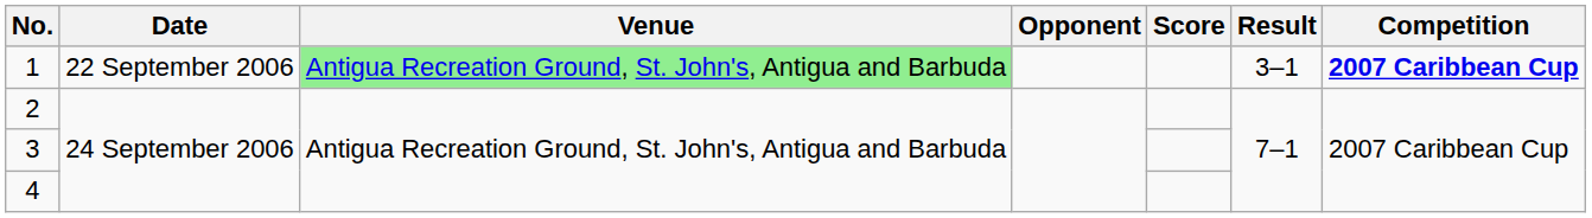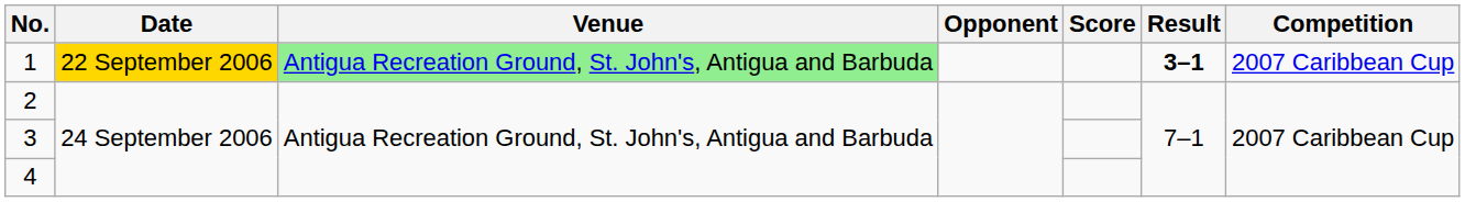 <table class="wikitable sortable">
 <tr>
 <th scope="col">No.</th>
 <th scope="col">Date</th>
 <th scope="col">Venue</th>
 <th scope="col">Opponent</th>
 <th scope="col">Score</th>
 <th scope="col">Result</th>
 <th scope="col">Competition</th>
 </tr>
 <tr>
 <td align="center">1</td>
-<td>22 September 2006</td>
+<td style="background: gold;">22 September 2006</td>
 <td style="background: lightgreen;"><a href='#'>Antigua Recreation Ground</a>, <a href='#'>St. John's</a>, Antigua and Barbuda</td>
 <td></td>
 <td></td>
-<td align="center">3–1</td>
-<td><strong><a href='#'>2007 Caribbean Cup</a></strong></td>
+<td align="center"><strong>3–1</strong></td>
+<td><a href='#'>2007 Caribbean Cup</a></td>
 </tr>
 <tr>
 <td align="center">2</td>
 <td rowspan="3">24 September 2006</td>
 <td rowspan="3">Antigua Recreation Ground, St. John's, Antigua and Barbuda</td>
 <td rowspan="3"></td>
 <td></td>
 <td rowspan="3" style="text-align:center">7–1</td>
 <td rowspan="3">2007 Caribbean Cup</td>
 </tr>
 <tr>
 <td align="center">3</td>
 <td></td>
 </tr>
 <tr>
 <td align="center">4</td>
 <td></td>
 </tr>
 </table>
